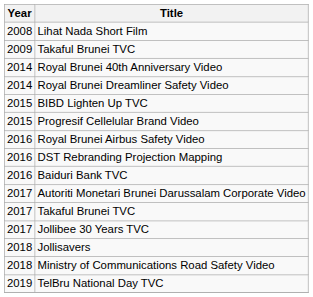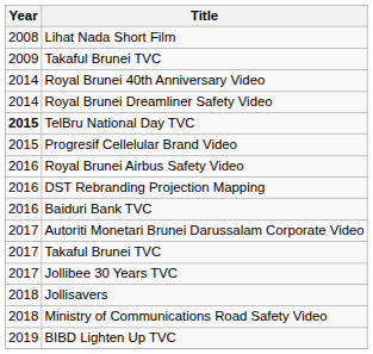 <table class="wikitable">
 <tr>
 <th>Year</th>
 <th>Title</th>
 </tr>
 <tr>
 <td>2008</td>
 <td>Lihat Nada Short Film</td>
 </tr>
 <tr>
 <td>2009</td>
 <td>Takaful Brunei TVC</td>
 </tr>
 <tr>
 <td>2014</td>
 <td>Royal Brunei 40th Anniversary Video</td>
 </tr>
 <tr>
 <td>2014</td>
 <td>Royal Brunei Dreamliner Safety Video</td>
 </tr>
 <tr>
-<td>2015</td>
-<td>BIBD Lighten Up TVC</td>
+<td><strong>2015</strong></td>
+<td>TelBru National Day TVC</td>
 </tr>
 <tr>
 <td>2015</td>
 <td>Progresif Cellelular Brand Video</td>
 </tr>
 <tr>
 <td>2016</td>
 <td>Royal Brunei Airbus Safety Video</td>
 </tr>
 <tr>
 <td>2016</td>
 <td>DST Rebranding Projection Mapping</td>
 </tr>
 <tr>
 <td>2016</td>
 <td>Baiduri Bank TVC</td>
 </tr>
 <tr>
 <td>2017</td>
 <td>Autoriti Monetari Brunei Darussalam Corporate Video</td>
 </tr>
 <tr>
 <td>2017</td>
 <td>Takaful Brunei TVC</td>
 </tr>
 <tr>
 <td>2017</td>
 <td>Jollibee 30 Years TVC</td>
 </tr>
 <tr>
 <td>2018</td>
 <td>Jollisavers</td>
 </tr>
 <tr>
 <td>2018</td>
 <td>Ministry of Communications Road Safety Video</td>
 </tr>
 <tr>
 <td>2019</td>
-<td>TelBru National Day TVC</td>
+<td>BIBD Lighten Up TVC</td>
 </tr>
 <tr>
 </tr>
 </table>
